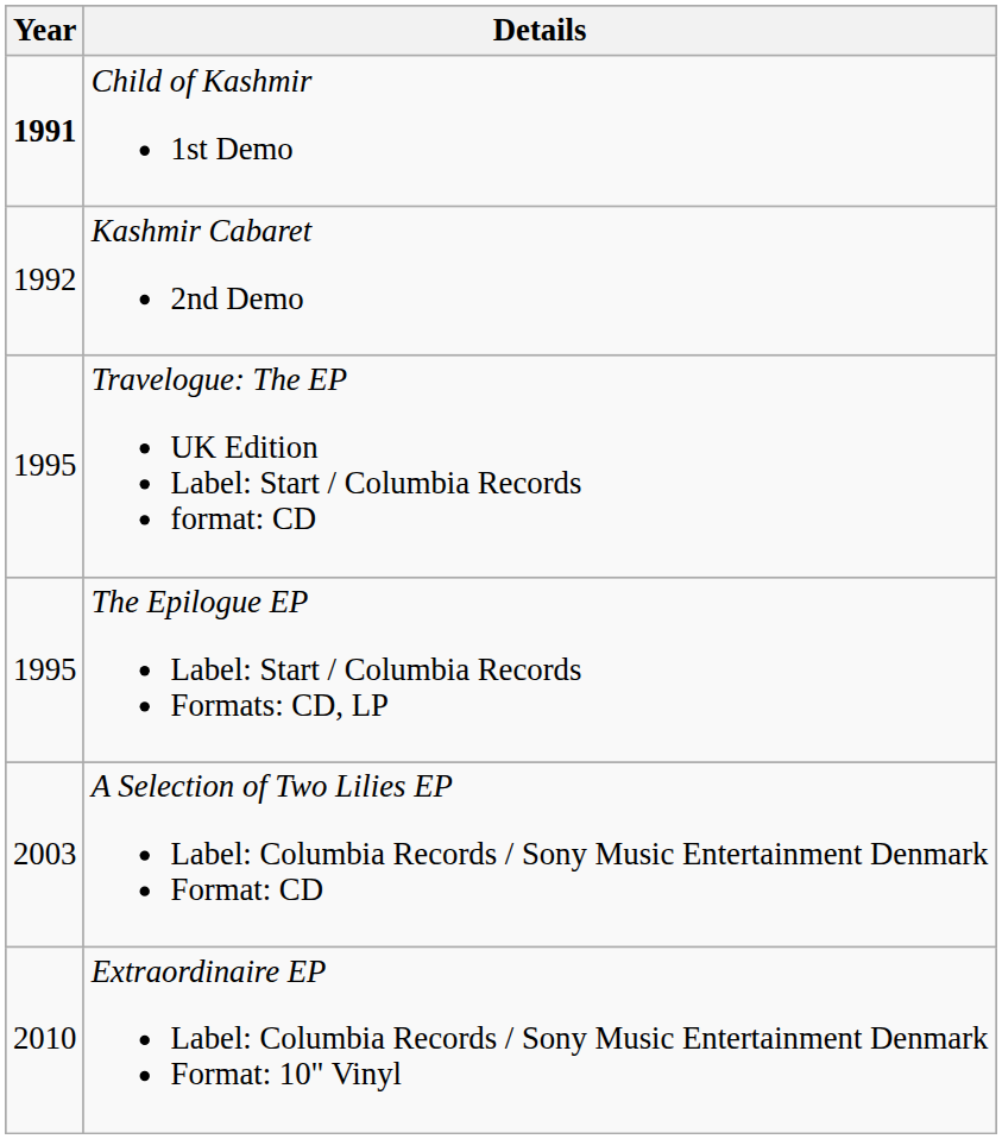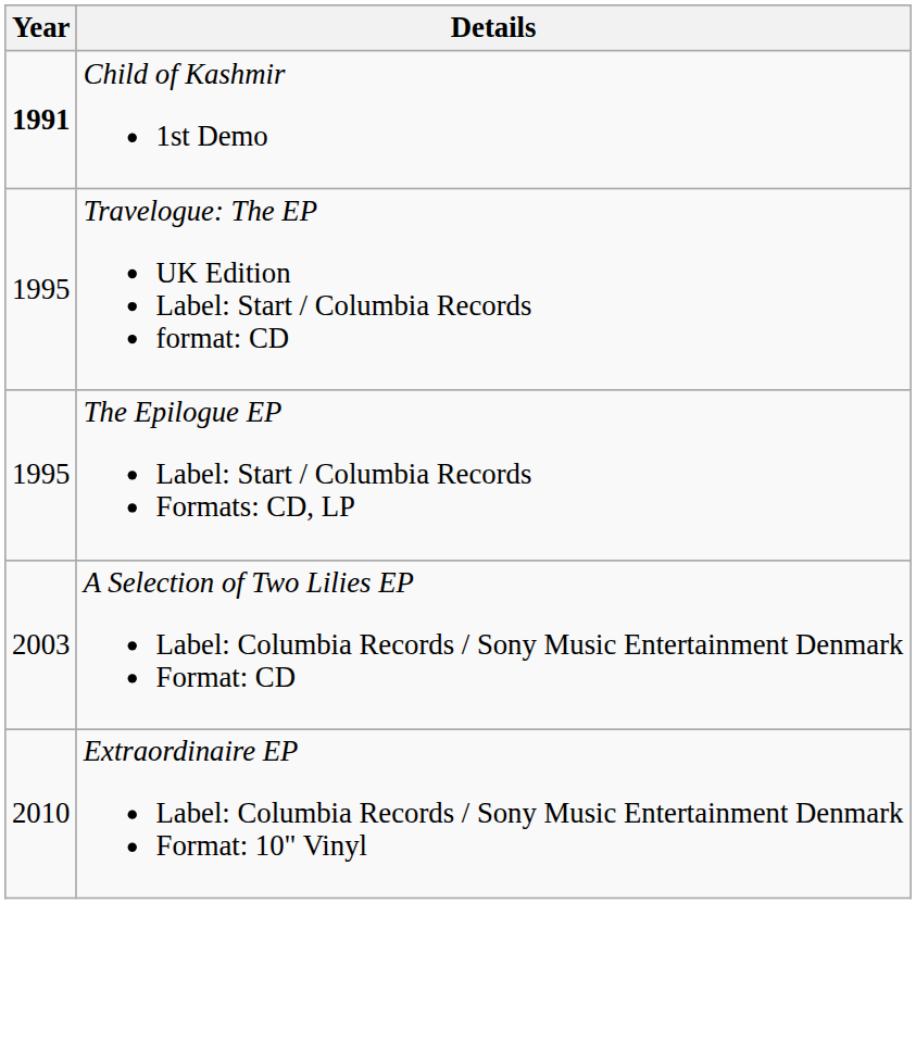 <table class="wikitable">
 <tr>
 <th>Year</th>
 <th>Details</th>
 </tr>
 <tr>
 <td style="test-align:center;"><strong>1991</strong></td>
 <td><em>Child of Kashmir</em><br><ul><li>1st Demo</li></ul></td>
-</tr>
-<tr>
-<td style="test-align:center;">1992</td>
-<td><em>Kashmir Cabaret</em><br><ul><li>2nd Demo</li></ul></td>
 </tr>
 <tr>
 <td style="test-align:center;">1995</td>
 <td><em>Travelogue: The EP</em><br><ul><li>UK Edition</li><li>Label: Start / Columbia Records</li><li>format: CD</li></ul></td>
 </tr>
 <tr>
 <td style="test-align:center;">1995</td>
 <td><em>The Epilogue EP</em><br><ul><li>Label: Start / Columbia Records</li><li>Formats: CD, LP</li></ul></td>
 </tr>
 <tr>
 <td style="test-align:center;">2003</td>
 <td><em>A Selection of Two Lilies EP</em><br><ul><li>Label: Columbia Records / Sony Music Entertainment Denmark</li><li>Format: CD</li></ul></td>
 </tr>
 <tr>
 <td style="test-align:center;">2010</td>
 <td><em>Extraordinaire EP</em><br><ul><li>Label: Columbia Records / Sony Music Entertainment Denmark</li><li>Format: 10" Vinyl</li></ul></td>
 </tr>
 </table>
